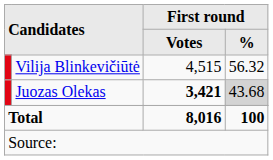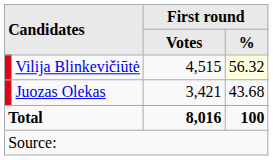 <table class="wikitable" style="text-align:left">
 <tr>
 <th style="background-color:#E9E9E9;text-align:left;" colspan=2 rowspan=2>Candidates</th>
 <th style="background-color:#E9E9E9;text-align:center;" colspan=2>First round</th>
 </tr>
 <tr>
 <th style="background-color:#E9E9E9;text-align:center;width:75px;">Votes</th>
 <th style="background-color:#E9E9E9;text-align:center;width:30px;">%</th>
 </tr>
 <tr>
 <td style="background-color:#E10514"></td>
 <td style="text-align:left;"><a href='#'>Vilija Blinkevičiūtė</a></td>
 <td style="text-align:right;">4,515</td>
-<td style="text-align:right;">56.32</td>
+<td style="background: lightyellow; text-align:right;">56.32</td>
 </tr>
 <tr>
 <td style="background-color:#E10514"></td>
 <td style="text-align:left;"><a href='#'>Juozas Olekas</a></td>
-<td style="text-align:right;"><strong>3,421</strong></td>
-<td style="background: lightgrey; text-align:right;">43.68</td>
+<td style="text-align:right;">3,421</td>
+<td style="text-align:right;">43.68</td>
 </tr>
 <tr>
 </tr>
 <tr style="text-align:right;">
 <td colspan="2" style="text-align:left;"><strong>Total</strong></td>
 <td><strong>8,016</strong></td>
 <td><strong>100</strong></td>
 </tr>
 <tr>
 <td style="text-align:left;" colspan="8">Source: </td>
 </tr>
 </table>
